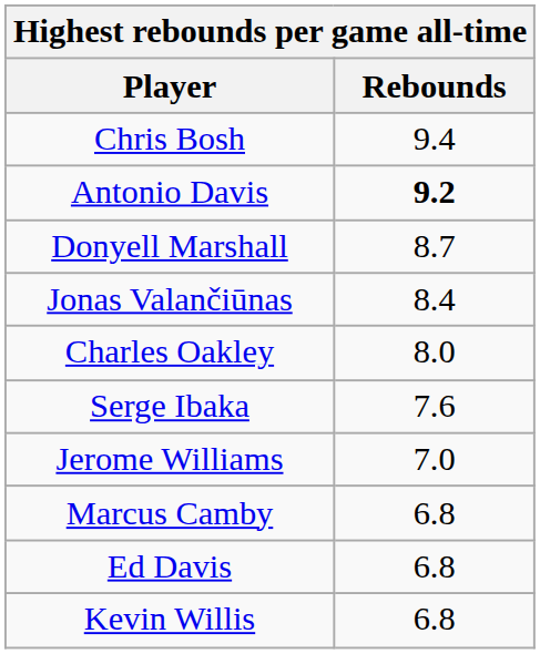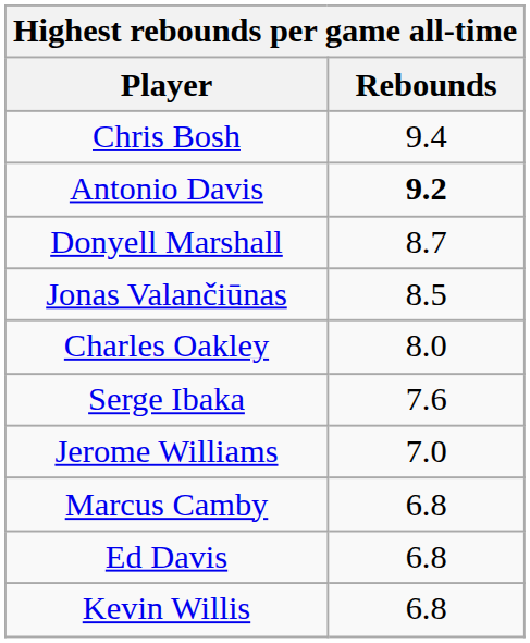 <table class="wikitable sortable" style="text-align:center">
 <tr>
 <th colspan="2">Highest rebounds per game all-time</th>
 </tr>
 <tr>
 <th>Player</th>
 <th>Rebounds</th>
 </tr>
 <tr>
 <td><a href='#'>Chris Bosh</a></td>
 <td>9.4</td>
 </tr>
 <tr>
 <td><a href='#'>Antonio Davis</a></td>
 <td><strong>9.2</strong></td>
 </tr>
 <tr>
 <td><a href='#'>Donyell Marshall</a></td>
 <td>8.7</td>
 </tr>
 <tr>
 <td><a href='#'>Jonas Valančiūnas</a></td>
-<td>8.4</td>
+<td>8.5</td>
 </tr>
 <tr>
 <td><a href='#'>Charles Oakley</a></td>
 <td>8.0</td>
 </tr>
 <tr>
 <td><a href='#'>Serge Ibaka</a></td>
 <td>7.6</td>
 </tr>
 <tr>
 <td><a href='#'>Jerome Williams</a></td>
 <td>7.0</td>
 </tr>
 <tr>
 <td><a href='#'>Marcus Camby</a></td>
 <td>6.8</td>
 </tr>
 <tr>
 <td><a href='#'>Ed Davis</a></td>
 <td>6.8</td>
 </tr>
 <tr>
 <td><a href='#'>Kevin Willis</a></td>
 <td>6.8</td>
 </tr>
 </table>
